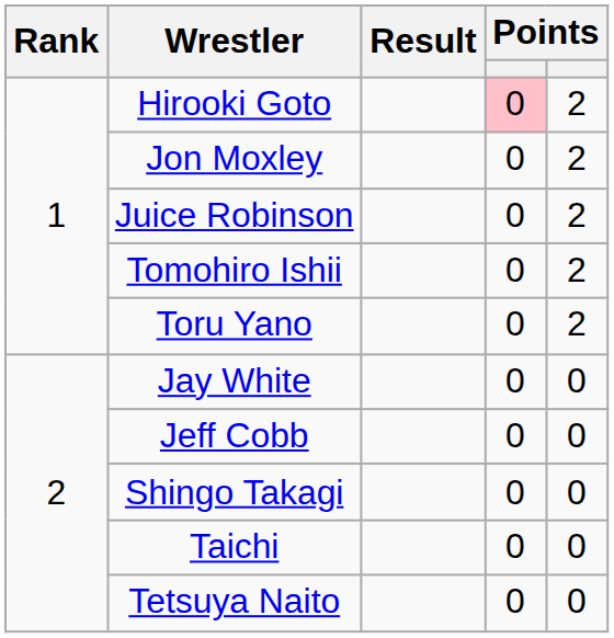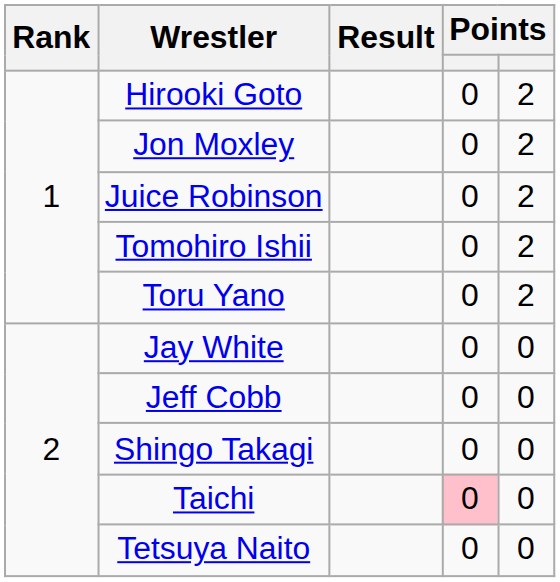 <table class="wikitable mw-collapsible mw-collapsed" plainrowheaders sortable" style="text-align: center">
 <tr>
 <th scope="col" rowspan="2">Rank</th>
 <th scope="col" rowspan="2">Wrestler</th>
 <th scope="col" rowspan="2">Result</th>
 <th scope="col" colspan="2">Points</th>
 </tr>
 <tr>
 <th></th>
 <th></th>
 </tr>
 <tr>
 <td rowspan="5">1</td>
 <td><a href='#'>Hirooki Goto</a></td>
 <td></td>
-<td style="background: pink;">0</td>
+<td>0</td>
 <td>2</td>
 </tr>
 <tr>
 <td><a href='#'>Jon Moxley</a></td>
 <td></td>
 <td>0</td>
 <td>2</td>
 </tr>
 <tr>
 <td><a href='#'>Juice Robinson</a></td>
 <td></td>
 <td>0</td>
 <td>2</td>
 </tr>
 <tr>
 <td><a href='#'>Tomohiro Ishii</a></td>
 <td></td>
 <td>0</td>
 <td>2</td>
 </tr>
 <tr>
 <td><a href='#'>Toru Yano</a></td>
 <td></td>
 <td>0</td>
 <td>2</td>
 </tr>
 <tr>
 <td rowspan="5">2</td>
 <td><a href='#'>Jay White</a></td>
 <td></td>
 <td>0</td>
 <td>0</td>
 </tr>
 <tr>
 <td><a href='#'>Jeff Cobb</a></td>
 <td></td>
 <td>0</td>
 <td>0</td>
 </tr>
 <tr>
 <td><a href='#'>Shingo Takagi</a></td>
 <td></td>
 <td>0</td>
 <td>0</td>
 </tr>
 <tr>
 <td><a href='#'>Taichi</a></td>
 <td></td>
-<td>0</td>
+<td style="background: pink;">0</td>
 <td>0</td>
 </tr>
 <tr>
 <td><a href='#'>Tetsuya Naito</a></td>
 <td></td>
 <td>0</td>
 <td>0</td>
 </tr>
 </table>
